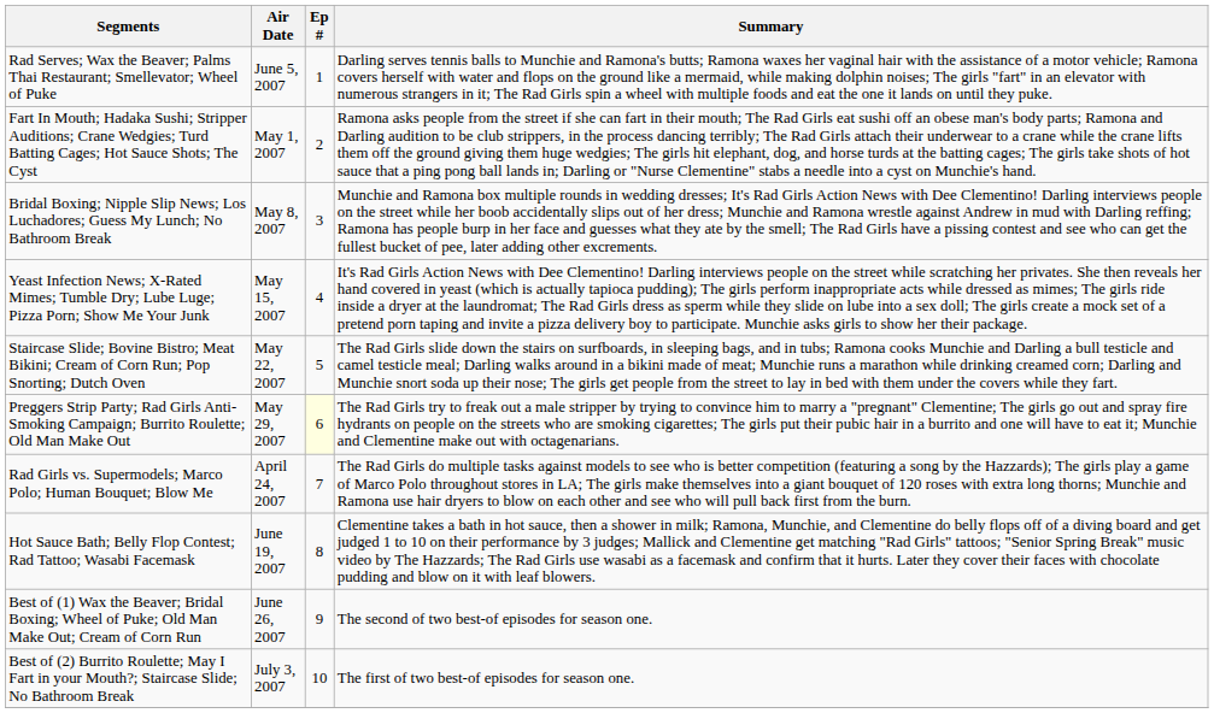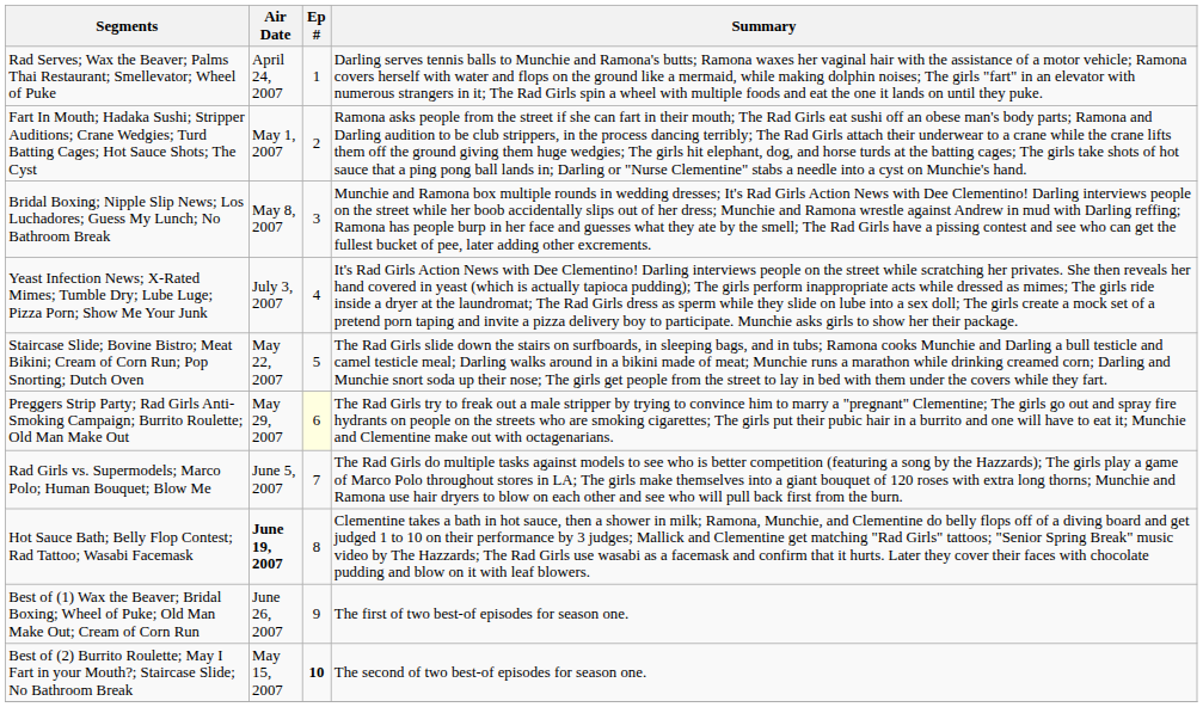 <table class="wikitable">
 <tr>
 <th>Segments</th>
 <th>Air Date</th>
 <th>Ep #</th>
 <th>Summary</th>
 </tr>
 <tr>
 <td>Rad Serves; Wax the Beaver; Palms Thai Restaurant; Smellevator; Wheel of Puke</td>
-<td>June 5, 2007</td>
+<td>April 24, 2007</td>
 <td align="center">1</td>
 <td>Darling serves tennis balls to Munchie and Ramona's butts; Ramona waxes her vaginal hair with the assistance of a motor vehicle; Ramona covers herself with water and flops on the ground like a mermaid, while making dolphin noises; The girls "fart" in an elevator with numerous strangers in it; The Rad Girls spin a wheel with multiple foods and eat the one it lands on until they puke.</td>
 </tr>
 <tr>
 <td>Fart In Mouth; Hadaka Sushi; Stripper Auditions; Crane Wedgies; Turd Batting Cages; Hot Sauce Shots; The Cyst</td>
 <td>May 1, 2007</td>
 <td align="center">2</td>
 <td>Ramona asks people from the street if she can fart in their mouth; The Rad Girls eat sushi off an obese man's body parts; Ramona and Darling audition to be club strippers, in the process dancing terribly; The Rad Girls attach their underwear to a crane while the crane lifts them off the ground giving them huge wedgies; The girls hit elephant, dog, and horse turds at the batting cages; The girls take shots of hot sauce that a ping pong ball lands in; Darling or "Nurse Clementine" stabs a needle into a cyst on Munchie's hand.</td>
 </tr>
 <tr>
 <td>Bridal Boxing; Nipple Slip News; Los Luchadores; Guess My Lunch; No Bathroom Break</td>
 <td>May 8, 2007</td>
 <td align="center">3</td>
 <td>Munchie and Ramona box multiple rounds in wedding dresses; It's Rad Girls Action News with Dee Clementino! Darling interviews people on the street while her boob accidentally slips out of her dress; Munchie and Ramona wrestle against Andrew in mud with Darling reffing; Ramona has people burp in her face and guesses what they ate by the smell; The Rad Girls have a pissing contest and see who can get the fullest bucket of pee, later adding other excrements.</td>
 </tr>
 <tr>
 <td>Yeast Infection News; X-Rated Mimes; Tumble Dry; Lube Luge; Pizza Porn; Show Me Your Junk</td>
-<td>May 15, 2007</td>
+<td>July 3, 2007</td>
 <td align="center">4</td>
 <td>It's Rad Girls Action News with Dee Clementino! Darling interviews people on the street while scratching her privates.  She then reveals her hand covered in yeast (which is actually tapioca pudding); The girls perform inappropriate acts while dressed as mimes; The girls ride inside a dryer at the laundromat; The Rad Girls dress as sperm while they slide on lube into a sex doll; The girls create a mock set of a pretend porn taping and invite a pizza delivery boy to participate. Munchie asks girls to show her their package.</td>
 </tr>
 <tr>
 <td>Staircase Slide; Bovine Bistro; Meat Bikini; Cream of Corn Run; Pop Snorting; Dutch Oven</td>
 <td>May 22, 2007</td>
 <td align="center">5</td>
 <td>The Rad Girls slide down the stairs on surfboards, in sleeping bags, and in tubs; Ramona cooks Munchie and Darling a bull testicle and camel testicle meal; Darling walks around in a bikini made of meat; Munchie runs a marathon while drinking creamed corn; Darling and Munchie snort soda up their nose; The girls get people from the street to lay in bed with them under the covers while they fart.</td>
 </tr>
 <tr>
 <td>Preggers Strip Party; Rad Girls Anti-Smoking Campaign; Burrito Roulette; Old Man Make Out</td>
 <td>May 29, 2007</td>
 <td align="center" style="background: lightyellow;">6</td>
 <td>The Rad Girls try to freak out a male stripper by trying to convince him to marry a "pregnant" Clementine; The girls go out and spray fire hydrants on people on the streets who are smoking cigarettes; The girls put their pubic hair in a burrito and one will have to eat it; Munchie and Clementine make out with octagenarians.</td>
 </tr>
 <tr>
 <td>Rad Girls vs. Supermodels; Marco Polo; Human Bouquet; Blow Me</td>
-<td>April 24, 2007</td>
+<td>June 5, 2007</td>
 <td align="center">7</td>
 <td>The Rad Girls do multiple tasks against models to see who is better competition (featuring a song by the Hazzards); The girls play a game of Marco Polo throughout  stores in LA; The girls make themselves into a giant bouquet of 120 roses with extra long thorns; Munchie and Ramona use hair dryers to blow on each other and see who will pull back first from the burn.</td>
 </tr>
 <tr>
 <td>Hot Sauce Bath; Belly Flop Contest; Rad Tattoo; Wasabi Facemask</td>
-<td>June 19, 2007</td>
+<td><strong>June 19, 2007</strong></td>
 <td align="center">8</td>
 <td>Clementine takes a bath in hot sauce, then a shower in milk; Ramona, Munchie, and Clementine do belly flops off of a diving board and get judged 1 to 10 on their performance by 3 judges; Mallick and Clementine get matching "Rad Girls" tattoos; "Senior Spring Break" music video by The Hazzards; The Rad Girls use wasabi as a facemask and confirm that it hurts. Later they cover their faces with chocolate pudding and blow on it with leaf blowers.</td>
 </tr>
 <tr>
 <td>Best of (1) Wax the Beaver; Bridal Boxing; Wheel of Puke; Old Man Make Out; Cream of Corn Run</td>
 <td>June 26, 2007</td>
 <td align="center">9</td>
-<td>The second of two best-of episodes for season one.</td>
+<td>The first of two best-of episodes for season one.</td>
 </tr>
 <tr>
 <td>Best of (2) Burrito Roulette; May I Fart in your Mouth?; Staircase Slide; No Bathroom Break</td>
-<td>July 3, 2007</td>
-<td align="center">10</td>
-<td>The first of two best-of episodes for season one.</td>
+<td>May 15, 2007</td>
+<td align="center"><strong>10</strong></td>
+<td>The second of two best-of episodes for season one.</td>
 </tr>
 <tr>
 </tr>
 </table>
